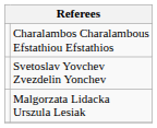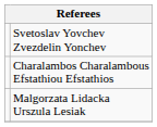 <table class="wikitable" style="display: inline-table;">
 <tr>
 <th colspan="2">Referees</th>
 </tr>
 <tr>
 <td></td>
-<td>Charalambos Charalambous<br>Efstathiou Efstathios</td>
+<td>Svetoslav Yovchev<br>Zvezdelin Yonchev</td>
 </tr>
 <tr>
 <td></td>
-<td>Svetoslav Yovchev<br>Zvezdelin Yonchev</td>
+<td>Charalambos Charalambous<br>Efstathiou Efstathios</td>
 </tr>
 <tr>
 <td></td>
 <td>Malgorzata Lidacka<br>Urszula Lesiak</td>
 </tr>
 <tr>
 </tr>
 </table>
